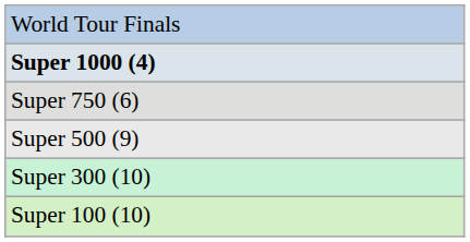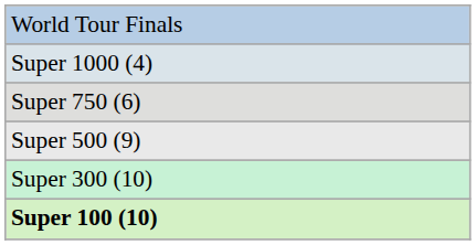 <table class="wikitable"style="font-size:80%; width:20%">
 <tr bgcolor="#B6CDE5">
 <td>World Tour Finals</td>
 </tr>
 <tr bgcolor="#DAE4EA">
-<td><strong>Super 1000 (4)</strong></td>
+<td>Super 1000 (4)</td>
 </tr>
 <tr bgcolor="#DEDEDC">
 <td>Super 750 (6)</td>
 </tr>
 <tr bgcolor="#E9E9E9">
 <td>Super 500 (9)</td>
 </tr>
 <tr bgcolor="#C7F2D5">
 <td>Super 300 (10)</td>
 </tr>
 <tr bgcolor="#D4F1C5">
-<td>Super 100 (10)</td>
+<td><strong>Super 100 (10)</strong></td>
 </tr>
 </table>
